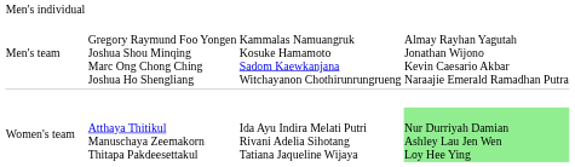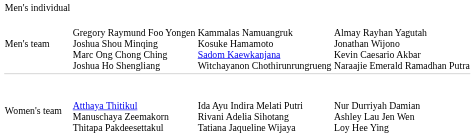 <table>
 <tr>
 <td>Men's individual <br></td>
 <td></td>
 <td></td>
 <td></td>
 </tr>
 <tr>
 <td>Men's team <br></td>
 <td><br>Gregory Raymund Foo Yongen<br>Joshua Shou Minqing<br>Marc Ong Chong Ching<br>Joshua Ho Shengliang</td>
 <td><br>Kammalas Namuangruk<br>Kosuke Hamamoto<br><a href='#'>Sadom Kaewkanjana</a><br>Witchayanon Chothirunrungrueng</td>
 <td><br>Almay Rayhan Yagutah<br>Jonathan Wijono<br>Kevin Caesario Akbar<br>Naraajie Emerald Ramadhan Putra</td>
 </tr>
 <tr style="background:#dddddd;">
 <td colspan=7></td>
 </tr>
 <tr>
 <td> <br></td>
 <td></td>
 <td></td>
 <td></td>
 </tr>
 <tr>
 <td>Women's team <br></td>
 <td><br><a href='#'>Atthaya Thitikul</a><br>Manuschaya Zeemakorn<br>Thitapa Pakdeesettakul</td>
 <td><br>Ida Ayu Indira Melati Putri<br>Rivani Adelia Sihotang<br>Tatiana Jaqueline Wijaya</td>
-<td style="background: lightgreen;"><br>Nur Durriyah Damian<br>Ashley Lau Jen Wen<br>Loy Hee Ying</td>
+<td><br>Nur Durriyah Damian<br>Ashley Lau Jen Wen<br>Loy Hee Ying</td>
 </tr>
 </table>
